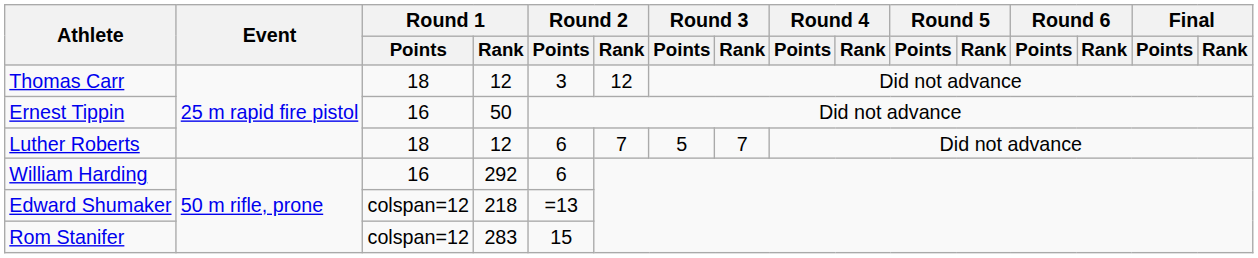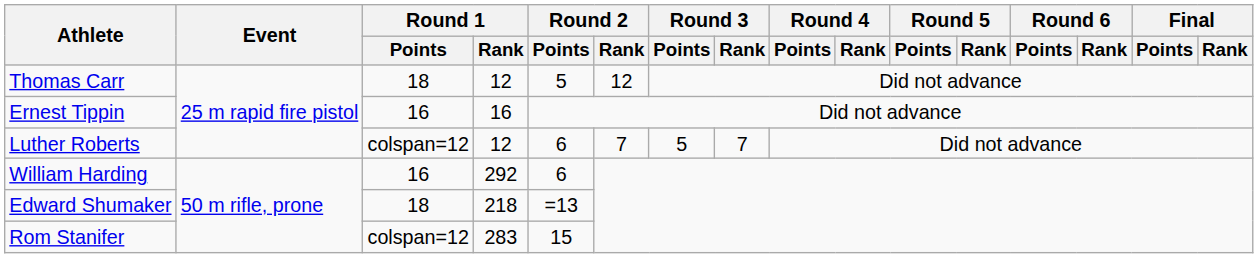 <table class="wikitable" style="font-size:90%;">
 <tr>
 <th rowspan=2>Athlete</th>
 <th rowspan=2>Event</th>
 <th colspan=2>Round 1</th>
 <th colspan=2>Round 2</th>
 <th colspan=2>Round 3</th>
 <th colspan=2>Round 4</th>
 <th colspan=2>Round 5</th>
 <th colspan=2>Round 6</th>
 <th colspan=2>Final</th>
 </tr>
 <tr style="font-size:95%">
 <th>Points</th>
 <th>Rank</th>
 <th>Points</th>
 <th>Rank</th>
 <th>Points</th>
 <th>Rank</th>
 <th>Points</th>
 <th>Rank</th>
 <th>Points</th>
 <th>Rank</th>
 <th>Points</th>
 <th>Rank</th>
 <th>Points</th>
 <th>Rank</th>
 </tr>
 <tr align=center>
 <td align=left><a href='#'>Thomas Carr</a></td>
 <td align=left rowspan=3><a href='#'>25 m rapid fire pistol</a></td>
 <td>18</td>
 <td>12</td>
-<td>3</td>
+<td>5</td>
 <td>12</td>
 <td colspan=10>Did not advance</td>
 </tr>
 <tr align=center>
 <td align=left><a href='#'>Ernest Tippin</a></td>
 <td>16</td>
-<td>50</td>
+<td>16</td>
 <td colspan=12>Did not advance</td>
 </tr>
 <tr align=center>
 <td align=left><a href='#'>Luther Roberts</a></td>
-<td>18</td>
+<td>colspan=12 </td>
 <td>12</td>
 <td>6</td>
 <td>7</td>
 <td>5</td>
 <td>7</td>
 <td colspan=8>Did not advance</td>
 </tr>
 <tr align=center>
 <td align=left><a href='#'>William Harding</a></td>
 <td align=left rowspan=3><a href='#'>50 m rifle, prone</a></td>
 <td>16</td>
 <td>292</td>
 <td>6</td>
 </tr>
 <tr align=center>
 <td align=left><a href='#'>Edward Shumaker</a></td>
-<td>colspan=12 </td>
+<td>18</td>
 <td>218</td>
 <td>=13</td>
 </tr>
 <tr align=center>
 <td align=left><a href='#'>Rom Stanifer</a></td>
 <td>colspan=12 </td>
 <td>283</td>
 <td>15</td>
 </tr>
 </table>
